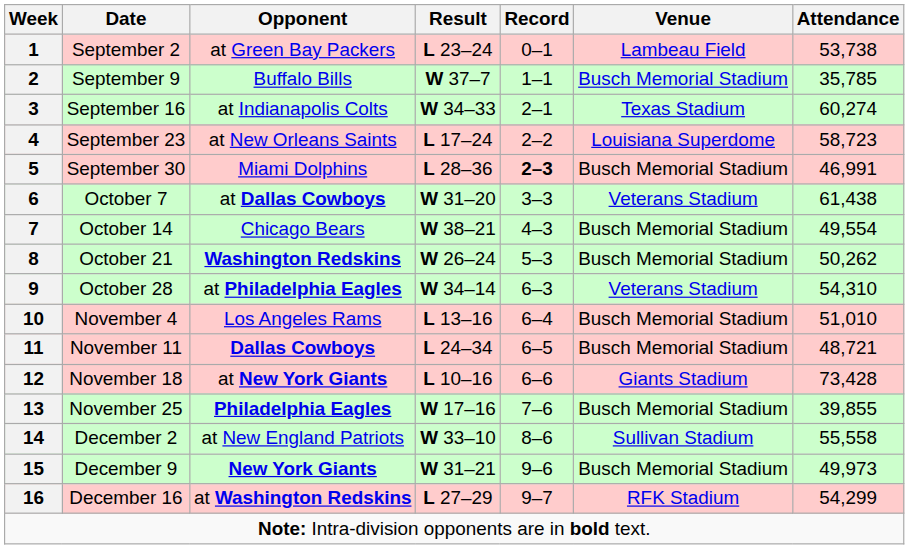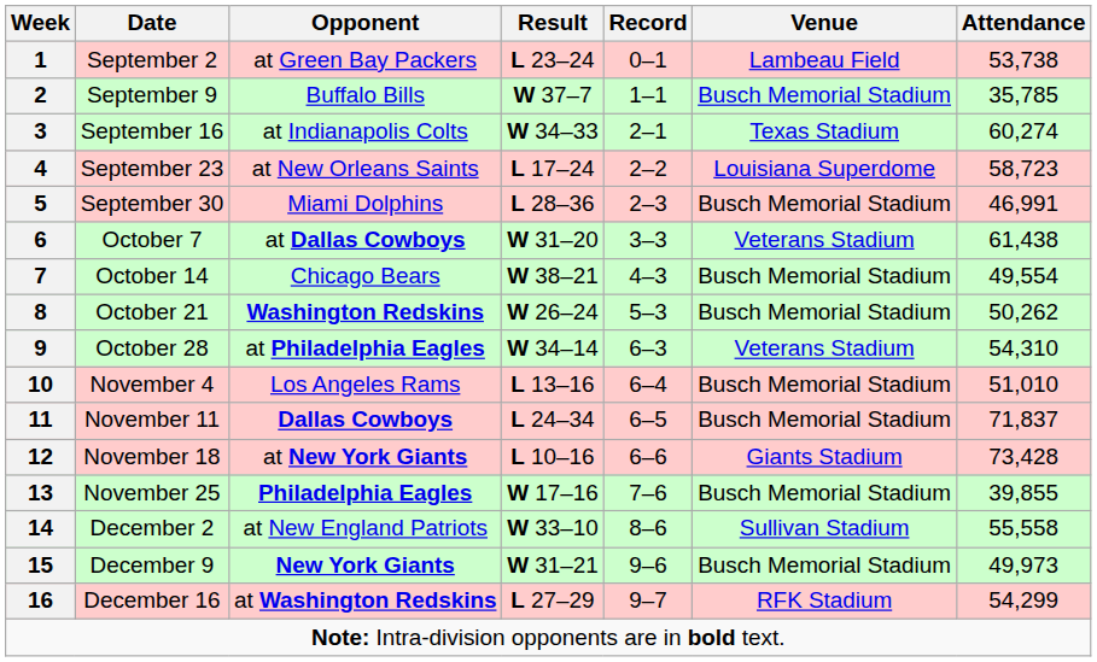 <table class="wikitable" style="text-align:center">
 <tr>
 <th>Week</th>
 <th>Date</th>
 <th>Opponent</th>
 <th>Result</th>
 <th>Record</th>
 <th>Venue</th>
 <th>Attendance</th>
 </tr>
 <tr style="background:#fcc">
 <th>1</th>
 <td>September 2</td>
 <td>at <a href='#'>Green Bay Packers</a></td>
 <td><strong>L</strong> 23–24</td>
 <td>0–1</td>
 <td><a href='#'>Lambeau Field</a></td>
 <td>53,738</td>
 </tr>
 <tr style="background:#cfc">
 <th>2</th>
 <td>September 9</td>
 <td><a href='#'>Buffalo Bills</a></td>
 <td><strong>W</strong> 37–7</td>
 <td>1–1</td>
 <td><a href='#'>Busch Memorial Stadium</a></td>
 <td>35,785</td>
 </tr>
 <tr style="background:#cfc">
 <th>3</th>
 <td>September 16</td>
 <td>at <a href='#'>Indianapolis Colts</a></td>
 <td><strong>W</strong> 34–33</td>
 <td>2–1</td>
 <td><a href='#'>Texas Stadium</a></td>
 <td>60,274</td>
 </tr>
 <tr style="background:#fcc">
 <th>4</th>
 <td>September 23</td>
 <td>at <a href='#'>New Orleans Saints</a></td>
 <td><strong>L</strong> 17–24</td>
 <td>2–2</td>
 <td><a href='#'>Louisiana Superdome</a></td>
 <td>58,723</td>
 </tr>
 <tr style="background:#fcc">
 <th>5</th>
 <td>September 30</td>
 <td><a href='#'>Miami Dolphins</a></td>
 <td><strong>L</strong> 28–36</td>
-<td><strong>2–3</strong></td>
+<td>2–3</td>
 <td>Busch Memorial Stadium</td>
 <td>46,991</td>
 </tr>
 <tr style="background:#cfc">
 <th>6</th>
 <td>October 7</td>
 <td>at <strong><a href='#'>Dallas Cowboys</a></strong></td>
 <td><strong>W</strong> 31–20</td>
 <td>3–3</td>
 <td><a href='#'>Veterans Stadium</a></td>
 <td>61,438</td>
 </tr>
 <tr style="background:#cfc">
 <th>7</th>
 <td>October 14</td>
 <td><a href='#'>Chicago Bears</a></td>
 <td><strong>W</strong> 38–21</td>
 <td>4–3</td>
 <td>Busch Memorial Stadium</td>
 <td>49,554</td>
 </tr>
 <tr style="background:#cfc">
 <th>8</th>
 <td>October 21</td>
 <td><strong><a href='#'>Washington Redskins</a></strong></td>
 <td><strong>W</strong> 26–24</td>
 <td>5–3</td>
 <td>Busch Memorial Stadium</td>
 <td>50,262</td>
 </tr>
 <tr style="background:#cfc">
 <th>9</th>
 <td>October 28</td>
 <td>at <strong><a href='#'>Philadelphia Eagles</a></strong></td>
 <td><strong>W</strong> 34–14</td>
 <td>6–3</td>
 <td><a href='#'>Veterans Stadium</a></td>
 <td>54,310</td>
 </tr>
 <tr style="background:#fcc">
 <th>10</th>
 <td>November 4</td>
 <td><a href='#'>Los Angeles Rams</a></td>
 <td><strong>L</strong> 13–16</td>
 <td>6–4</td>
 <td>Busch Memorial Stadium</td>
 <td>51,010</td>
 </tr>
 <tr style="background:#fcc">
 <th>11</th>
 <td>November 11</td>
 <td><strong><a href='#'>Dallas Cowboys</a></strong></td>
 <td><strong>L</strong> 24–34</td>
 <td>6–5</td>
 <td>Busch Memorial Stadium</td>
-<td>48,721</td>
+<td>71,837</td>
 </tr>
 <tr style="background:#fcc">
 <th>12</th>
 <td>November 18</td>
 <td>at <strong><a href='#'>New York Giants</a></strong></td>
 <td><strong>L</strong> 10–16</td>
 <td>6–6</td>
 <td><a href='#'>Giants Stadium</a></td>
 <td>73,428</td>
 </tr>
 <tr style="background:#cfc">
 <th>13</th>
 <td>November 25</td>
 <td><strong><a href='#'>Philadelphia Eagles</a></strong></td>
 <td><strong>W</strong> 17–16</td>
 <td>7–6</td>
 <td>Busch Memorial Stadium</td>
 <td>39,855</td>
 </tr>
 <tr style="background:#cfc">
 <th>14</th>
 <td>December 2</td>
 <td>at <a href='#'>New England Patriots</a></td>
 <td><strong>W</strong> 33–10</td>
 <td>8–6</td>
 <td><a href='#'>Sullivan Stadium</a></td>
 <td>55,558</td>
 </tr>
 <tr style="background:#cfc">
 <th>15</th>
 <td>December 9</td>
 <td><strong><a href='#'>New York Giants</a></strong></td>
 <td><strong>W</strong> 31–21</td>
 <td>9–6</td>
 <td>Busch Memorial Stadium</td>
 <td>49,973</td>
 </tr>
 <tr style="background:#fcc">
 <th>16</th>
 <td>December 16</td>
 <td>at <strong><a href='#'>Washington Redskins</a></strong></td>
 <td><strong>L</strong> 27–29</td>
 <td>9–7</td>
 <td><a href='#'>RFK Stadium</a></td>
 <td>54,299</td>
 </tr>
 <tr>
 <td colspan="8"><strong>Note:</strong> Intra-division opponents are in <strong>bold</strong> text.</td>
 </tr>
 </table>
